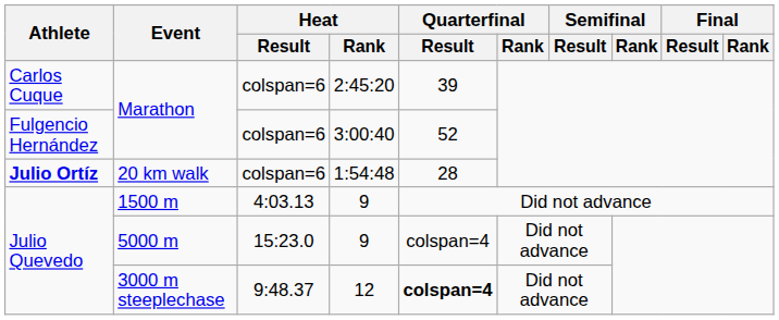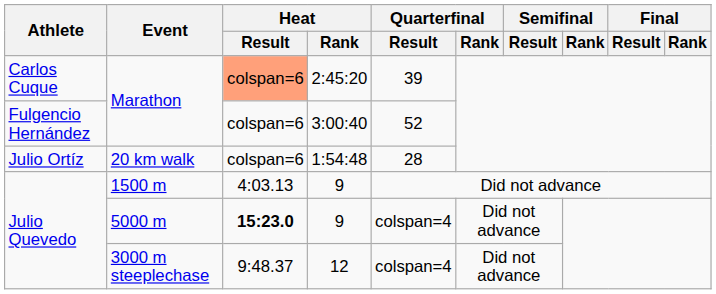 <table class="wikitable" style="font-size:90%">
 <tr>
 <th rowspan="2">Athlete</th>
 <th rowspan="2">Event</th>
 <th colspan="2">Heat</th>
 <th colspan="2">Quarterfinal</th>
 <th colspan="2">Semifinal</th>
 <th colspan="2">Final</th>
 </tr>
 <tr style="font-size:95%">
 <th>Result</th>
 <th>Rank</th>
 <th>Result</th>
 <th>Rank</th>
 <th>Result</th>
 <th>Rank</th>
 <th>Result</th>
 <th>Rank</th>
 </tr>
 <tr align=center>
 <td align=left><a href='#'>Carlos Cuque</a></td>
 <td align=left rowspan=2><a href='#'>Marathon</a></td>
-<td>colspan=6 </td>
+<td style="background: lightsalmon;">colspan=6 </td>
 <td>2:45:20</td>
 <td>39</td>
 </tr>
 <tr align=center>
 <td align=left><a href='#'>Fulgencio Hernández</a></td>
 <td>colspan=6 </td>
 <td>3:00:40</td>
 <td>52</td>
 </tr>
 <tr align=center>
-<td align=left><strong><a href='#'>Julio Ortíz</a></strong></td>
+<td align=left><a href='#'>Julio Ortíz</a></td>
 <td align=left><a href='#'>20 km walk</a></td>
 <td>colspan=6 </td>
 <td>1:54:48</td>
 <td>28</td>
 </tr>
 <tr align=center>
 <td align=left rowspan=3><a href='#'>Julio Quevedo</a></td>
 <td align=left><a href='#'>1500 m</a></td>
 <td>4:03.13</td>
 <td>9</td>
 <td colspan=6>Did not advance</td>
 </tr>
 <tr align=center>
 <td align=left><a href='#'>5000 m</a></td>
-<td>15:23.0</td>
+<td><strong>15:23.0</strong></td>
 <td>9</td>
 <td>colspan=4 </td>
 <td colspan=2>Did not advance</td>
 </tr>
 <tr align=center>
 <td align=left><a href='#'>3000 m steeplechase</a></td>
 <td>9:48.37</td>
 <td>12</td>
-<td><strong>colspan=4 </strong></td>
+<td>colspan=4 </td>
 <td colspan=2>Did not advance</td>
 </tr>
 </table>
